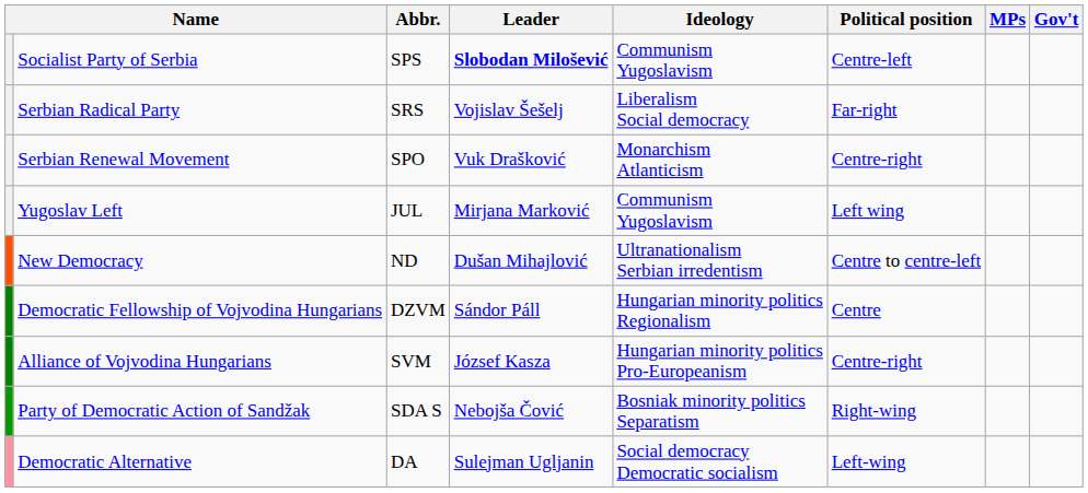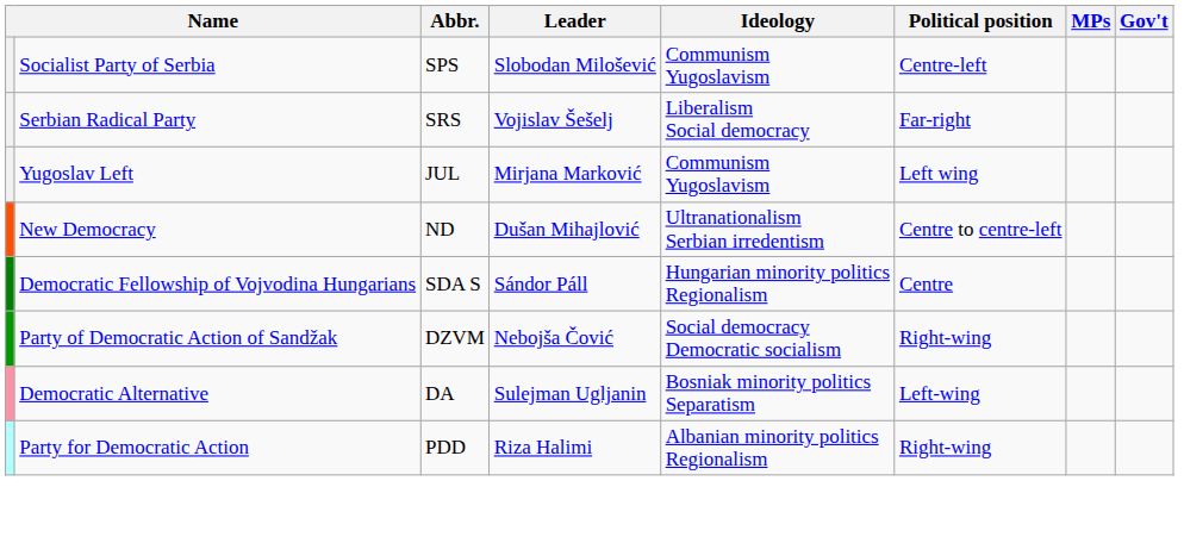 <table class="wikitable">
 <tr>
 <th colspan=2>Name</th>
 <th>Abbr.</th>
 <th>Leader</th>
 <th>Ideology</th>
 <th>Political position</th>
 <th><a href='#'>MPs</a></th>
 <th><a href='#'>Gov't</a></th>
 </tr>
 <tr>
 <th style="background-color: "></th>
 <td><a href='#'>Socialist Party of Serbia</a><br><small><em></em></small></td>
 <td>SPS</td>
-<td><strong><a href='#'>Slobodan Milošević</a></strong></td>
+<td><a href='#'>Slobodan Milošević</a></td>
 <td><a href='#'>Communism</a><br><a href='#'>Yugoslavism</a></td>
 <td><a href='#'>Centre-left</a></td>
 <td></td>
 <td></td>
 </tr>
 <tr>
 <th style="background-color: "></th>
 <td><a href='#'>Serbian Radical Party</a><br><small><em></em></small></td>
 <td>SRS</td>
 <td><a href='#'>Vojislav Šešelj</a></td>
 <td><a href='#'>Liberalism</a><br><a href='#'>Social democracy</a></td>
 <td><a href='#'>Far-right</a></td>
-<td></td>
-<td></td>
-</tr>
-<tr>
-<th style="background-color: "></th>
-<td><a href='#'>Serbian Renewal Movement</a><br><small><em></em></small></td>
-<td>SPO</td>
-<td><a href='#'>Vuk Drašković</a></td>
-<td><a href='#'>Monarchism</a><br><a href='#'>Atlanticism</a></td>
-<td><a href='#'>Centre-right</a></td>
 <td></td>
 <td></td>
 </tr>
 <tr>
 <th style="background-color: "></th>
 <td><a href='#'>Yugoslav Left</a><br><small><em></em></small></td>
 <td>JUL</td>
 <td><a href='#'>Mirjana Marković</a></td>
 <td><a href='#'>Communism</a><br><a href='#'>Yugoslavism</a></td>
 <td><a href='#'>Left wing</a></td>
 <td></td>
 <td></td>
 </tr>
 <tr>
 <th style="background-color: #FF4F00;"></th>
 <td><a href='#'>New Democracy</a><br><small><em></em></small></td>
 <td>ND</td>
 <td><a href='#'>Dušan Mihajlović</a></td>
 <td><a href='#'>Ultranationalism</a><br><a href='#'>Serbian irredentism</a></td>
 <td><a href='#'>Centre</a> to <a href='#'>centre-left</a></td>
 <td></td>
 <td></td>
 </tr>
 <tr>
 <th style="background-color: green; color:white;"></th>
 <td><a href='#'>Democratic Fellowship of Vojvodina Hungarians</a><br><small><em></em></small></td>
-<td>DZVM</td>
+<td>SDA S</td>
 <td><a href='#'>Sándor Páll</a></td>
 <td><a href='#'>Hungarian minority politics</a><br><a href='#'>Regionalism</a></td>
 <td><a href='#'>Centre</a></td>
 <td></td>
 <td></td>
 </tr>
 <tr>
-<th style="background-color: green; color:white;"></th>
-<td><a href='#'>Alliance of Vojvodina Hungarians</a><br><small><em></em></small></td>
-<td>SVM</td>
-<td><a href='#'>József Kasza</a></td>
-<td><a href='#'>Hungarian minority politics</a><br><a href='#'>Pro-Europeanism</a></td>
-<td><a href='#'>Centre-right</a></td>
-<td></td>
-<td></td>
-</tr>
-<tr>
 <th style="background-color: #009900; color:white;"></th>
 <td><a href='#'>Party of Democratic Action of Sandžak</a><br><small><em></em></small></td>
-<td>SDA S</td>
+<td>DZVM</td>
 <td><a href='#'>Nebojša Čović</a></td>
-<td><a href='#'>Bosniak minority politics</a><br><a href='#'>Separatism</a></td>
+<td><a href='#'>Social democracy</a><br><a href='#'>Democratic socialism</a></td>
 <td><a href='#'>Right-wing</a></td>
 <td></td>
 <td></td>
 </tr>
 <tr>
 <th style="background-color: #FF91A4; color:white;"></th>
 <td><a href='#'>Democratic Alternative</a><br><small><em></em></small></td>
 <td>DA</td>
 <td><a href='#'>Sulejman Ugljanin</a></td>
-<td><a href='#'>Social democracy</a><br><a href='#'>Democratic socialism</a></td>
+<td><a href='#'>Bosniak minority politics</a><br><a href='#'>Separatism</a></td>
 <td><a href='#'>Left-wing</a></td>
 <td></td>
 <td></td>
 </tr>
+<tr>
+<th style="background-color: #B2FFFF;"></th>
+<td><a href='#'>Party for Democratic Action</a><br><small><em></em></small></td>
+<td>PDD</td>
+<td><a href='#'>Riza Halimi</a></td>
+<td><a href='#'>Albanian minority politics</a><br><a href='#'>Regionalism</a></td>
+<td><a href='#'>Right-wing</a></td>
+<td></td>
+<td></td>
+</tr>
 </table>
